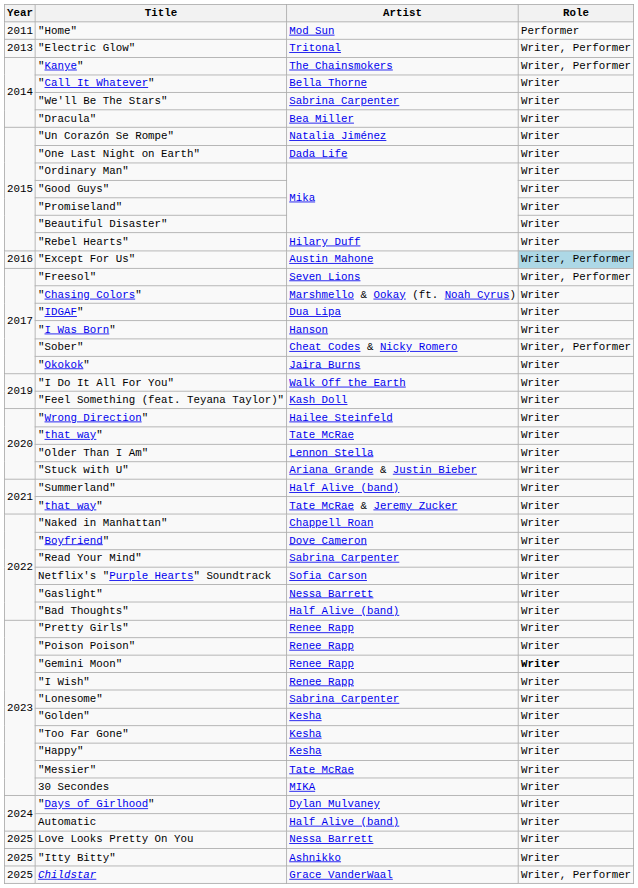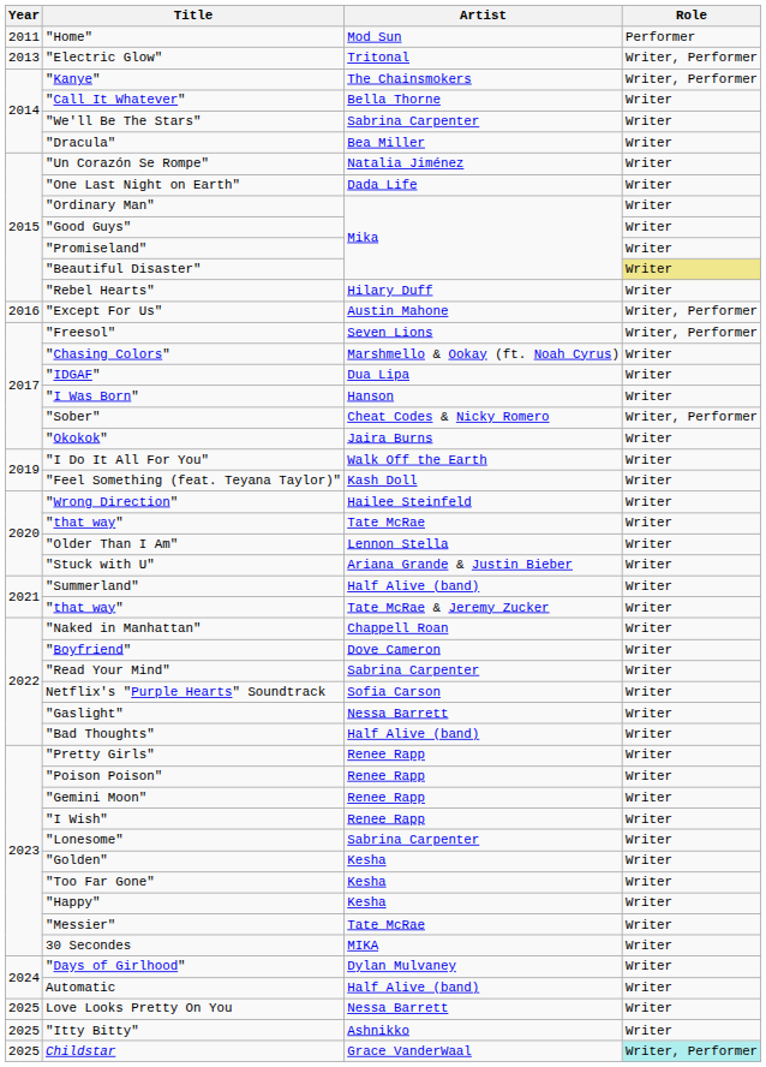 <table class="wikitable">
 <tr>
 <th>Year</th>
 <th>Title</th>
 <th>Artist</th>
 <th>Role</th>
 </tr>
 <tr>
 <td>2011</td>
 <td>"Home"</td>
 <td><a href='#'>Mod Sun</a></td>
 <td>Performer</td>
 </tr>
 <tr>
 <td>2013</td>
 <td>"Electric Glow"</td>
 <td><a href='#'>Tritonal</a></td>
 <td>Writer, Performer</td>
 </tr>
 <tr>
 <td rowspan="4">2014</td>
 <td>"<a href='#'>Kanye</a>"</td>
 <td><a href='#'>The Chainsmokers</a></td>
 <td>Writer, Performer</td>
 </tr>
 <tr>
 <td>"<a href='#'>Call It Whatever</a>"</td>
 <td><a href='#'>Bella Thorne</a></td>
 <td>Writer</td>
 </tr>
 <tr>
 <td>"We'll Be The Stars"</td>
 <td><a href='#'>Sabrina Carpenter</a></td>
 <td>Writer</td>
 </tr>
 <tr>
 <td>"Dracula"</td>
 <td><a href='#'>Bea Miller</a></td>
 <td>Writer</td>
 </tr>
 <tr>
 <td rowspan="7">2015</td>
 <td>"Un Corazón Se Rompe"</td>
 <td><a href='#'>Natalia Jiménez</a></td>
 <td>Writer</td>
 </tr>
 <tr>
 <td>"One Last Night on Earth"</td>
 <td><a href='#'>Dada Life</a></td>
 <td>Writer</td>
 </tr>
 <tr>
 <td>"Ordinary Man"</td>
 <td rowspan="4"><a href='#'>Mika</a></td>
 <td>Writer</td>
 </tr>
 <tr>
 <td>"Good Guys"</td>
 <td>Writer</td>
 </tr>
 <tr>
 <td>"Promiseland"</td>
 <td>Writer</td>
 </tr>
 <tr>
 <td>"Beautiful Disaster"</td>
-<td>Writer</td>
+<td style="background: khaki;">Writer</td>
 </tr>
 <tr>
 <td>"Rebel Hearts"</td>
 <td><a href='#'>Hilary Duff</a></td>
 <td>Writer</td>
 </tr>
 <tr>
 <td>2016</td>
 <td>"Except For Us"</td>
 <td><a href='#'>Austin Mahone</a></td>
-<td style="background: lightblue;">Writer, Performer</td>
+<td>Writer, Performer</td>
 </tr>
 <tr>
 <td rowspan="6">2017</td>
 <td>"Freesol"</td>
 <td><a href='#'>Seven Lions</a></td>
 <td>Writer, Performer</td>
 </tr>
 <tr>
 <td>"<a href='#'>Chasing Colors</a>"</td>
 <td><a href='#'>Marshmello</a> & <a href='#'>Ookay</a> (ft. <a href='#'>Noah Cyrus</a>)</td>
 <td>Writer</td>
 </tr>
 <tr>
 <td>"<a href='#'>IDGAF</a>"</td>
 <td><a href='#'>Dua Lipa</a></td>
 <td>Writer</td>
 </tr>
 <tr>
 <td>"<a href='#'>I Was Born</a>"</td>
 <td><a href='#'>Hanson</a></td>
 <td>Writer</td>
 </tr>
 <tr>
 <td>"Sober"</td>
 <td><a href='#'>Cheat Codes</a> & <a href='#'>Nicky Romero</a></td>
 <td>Writer, Performer</td>
 </tr>
 <tr>
 <td>"<a href='#'>Okokok</a>"</td>
 <td><a href='#'>Jaira Burns</a></td>
 <td>Writer</td>
 </tr>
 <tr>
 <td rowspan="2">2019</td>
 <td>"I Do It All For You"</td>
 <td><a href='#'>Walk Off the Earth</a></td>
 <td>Writer</td>
 </tr>
 <tr>
 <td>"Feel Something (feat. Teyana Taylor)"</td>
 <td><a href='#'>Kash Doll</a></td>
 <td>Writer</td>
 </tr>
 <tr>
 <td rowspan="4">2020</td>
 <td>"<a href='#'>Wrong Direction</a>"</td>
 <td><a href='#'>Hailee Steinfeld</a></td>
 <td>Writer</td>
 </tr>
 <tr>
 <td>"<a href='#'>that way</a>"</td>
 <td><a href='#'>Tate McRae</a></td>
 <td>Writer</td>
 </tr>
 <tr>
 <td>"Older Than I Am"</td>
 <td><a href='#'>Lennon Stella</a></td>
 <td>Writer</td>
 </tr>
 <tr>
 <td>"Stuck with U"</td>
 <td><a href='#'>Ariana Grande</a> & <a href='#'>Justin Bieber</a></td>
 <td>Writer</td>
 </tr>
 <tr>
 <td rowspan="2">2021</td>
 <td>"Summerland"</td>
 <td><a href='#'>Half Alive (band)</a></td>
 <td>Writer</td>
 </tr>
 <tr>
 <td>"<a href='#'>that way</a>"</td>
 <td><a href='#'>Tate McRae</a> & <a href='#'>Jeremy Zucker</a></td>
 <td>Writer</td>
 </tr>
 <tr>
 <td rowspan="6">2022</td>
 <td>"Naked in Manhattan"</td>
 <td><a href='#'>Chappell Roan</a></td>
 <td>Writer</td>
 </tr>
 <tr>
 <td>"<a href='#'>Boyfriend</a>"</td>
 <td><a href='#'>Dove Cameron</a></td>
 <td>Writer</td>
 </tr>
 <tr>
 <td>"Read Your Mind"</td>
 <td><a href='#'>Sabrina Carpenter</a></td>
 <td>Writer</td>
 </tr>
 <tr>
 <td>Netflix's "<a href='#'>Purple Hearts</a>" Soundtrack</td>
 <td><a href='#'>Sofia Carson</a></td>
 <td>Writer</td>
 </tr>
 <tr>
 <td>"Gaslight"</td>
 <td><a href='#'>Nessa Barrett</a></td>
 <td>Writer</td>
 </tr>
 <tr>
 <td>"Bad Thoughts"</td>
 <td><a href='#'>Half Alive (band)</a></td>
 <td>Writer</td>
 </tr>
 <tr>
 <td rowspan="10">2023</td>
 <td>"Pretty Girls"</td>
 <td><a href='#'>Renee Rapp</a></td>
 <td>Writer</td>
 </tr>
 <tr>
 <td>"Poison Poison"</td>
 <td><a href='#'>Renee Rapp</a></td>
 <td>Writer</td>
 </tr>
 <tr>
 <td>"Gemini Moon"</td>
 <td><a href='#'>Renee Rapp</a></td>
-<td><strong>Writer</strong></td>
+<td>Writer</td>
 </tr>
 <tr>
 <td>"I Wish"</td>
 <td><a href='#'>Renee Rapp</a></td>
 <td>Writer</td>
 </tr>
 <tr>
 <td>"Lonesome"</td>
 <td><a href='#'>Sabrina Carpenter</a></td>
 <td>Writer</td>
 </tr>
 <tr>
 <td>"Golden"</td>
 <td><a href='#'>Kesha</a></td>
 <td>Writer</td>
 </tr>
 <tr>
 <td>"Too Far Gone"</td>
 <td><a href='#'>Kesha</a></td>
 <td>Writer</td>
 </tr>
 <tr>
 <td>"Happy"</td>
 <td><a href='#'>Kesha</a></td>
 <td>Writer</td>
 </tr>
 <tr>
 <td>"Messier"</td>
 <td><a href='#'>Tate McRae</a></td>
 <td>Writer</td>
 </tr>
 <tr>
 <td>30 Secondes</td>
 <td><a href='#'>MIKA</a></td>
 <td>Writer</td>
 </tr>
 <tr>
 <td rowspan="2">2024</td>
 <td>"<a href='#'>Days of Girlhood</a>"</td>
 <td><a href='#'>Dylan Mulvaney</a></td>
 <td>Writer</td>
 </tr>
 <tr>
 <td>Automatic</td>
 <td><a href='#'>Half Alive (band)</a></td>
 <td>Writer</td>
 </tr>
 <tr>
 <td>2025</td>
 <td>Love Looks Pretty On You</td>
 <td><a href='#'>Nessa Barrett</a></td>
 <td>Writer</td>
 </tr>
 <tr>
 <td>2025</td>
 <td>"Itty Bitty"</td>
 <td><a href='#'>Ashnikko</a></td>
 <td>Writer</td>
 </tr>
 <tr>
 <td>2025</td>
 <td><em><a href='#'>Childstar</a></em></td>
 <td><a href='#'>Grace VanderWaal</a></td>
-<td>Writer, Performer</td>
+<td style="background: paleturquoise;">Writer, Performer</td>
 </tr>
 </table>
